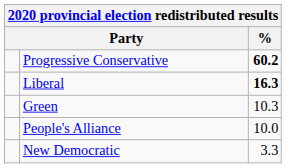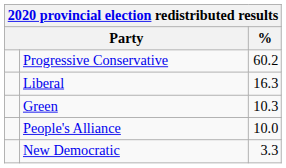 <table class="wikitable">
 <tr>
 <th colspan="4"><a href='#'>2020 provincial election</a> redistributed results</th>
 </tr>
 <tr>
 <th bgcolor="#DDDDFF" width="130px" colspan="2">Party</th>
 <th bgcolor="#DDDDFF" width="30px">%</th>
 </tr>
 <tr>
 <td> </td>
 <td><a href='#'>Progressive Conservative</a></td>
-<td align=right><strong>60.2</strong></td>
+<td align=right>60.2</td>
 </tr>
 <tr>
 <td> </td>
 <td><a href='#'>Liberal</a></td>
-<td align=right><strong>16.3</strong></td>
+<td align=right>16.3</td>
 </tr>
 <tr>
 <td> </td>
 <td><a href='#'>Green</a></td>
 <td align=right>10.3</td>
 </tr>
 <tr>
 <td> </td>
 <td><a href='#'>People's Alliance</a></td>
 <td align=right>10.0</td>
 </tr>
 <tr>
 <td> </td>
 <td><a href='#'>New Democratic</a></td>
 <td align=right>3.3</td>
 </tr>
 </table>
